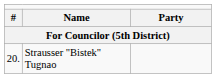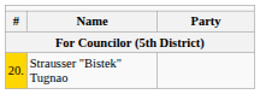 <table class=wikitable style="font-size:95%">
 <tr>
 <td colspan=4 bgcolor=></td>
 </tr>
 <tr>
 <th>#</th>
 <th width=150px>Name</th>
 <th colspan=2 width=110px>Party</th>
 </tr>
 <tr>
 <th colspan=4>For Councilor (5th District)</th>
 </tr>
 <tr>
-<td>20.</td>
+<td style="background: gold;">20.</td>
 <td>Strausser "Bistek" Tugnao</td>
 <td></td>
 </tr>
 </table>
